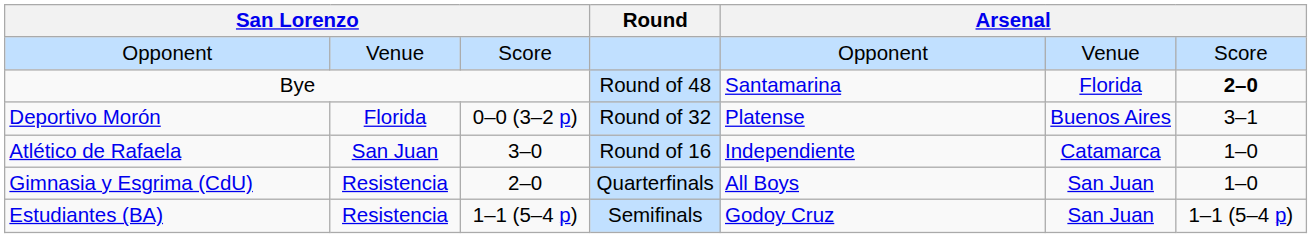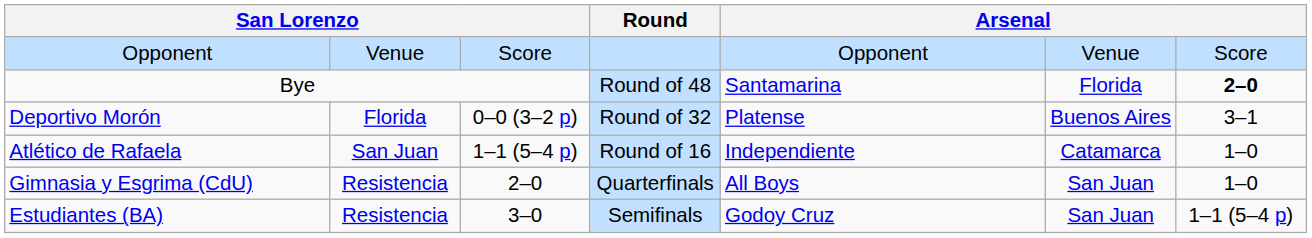 <table class="wikitable" style="text-align: center;">
 <tr>
 <th colspan=3><a href='#'>San Lorenzo</a></th>
 <th>Round</th>
 <th colspan=3><a href='#'>Arsenal</a></th>
 </tr>
 <tr bgcolor=#c1e0ff>
 <td width=25%>Opponent</td>
 <td width=10%>Venue</td>
 <td width=10%>Score</td>
 <td width=10%></td>
 <td width=25%>Opponent</td>
 <td width=10%>Venue</td>
 <td width=10%>Score</td>
 </tr>
 <tr>
 <td colspan=3>Bye</td>
 <td bgcolor=#c1e0ff>Round of 48</td>
 <td align=left><a href='#'>Santamarina</a></td>
 <td><a href='#'>Florida</a></td>
 <td><strong>2–0</strong></td>
 </tr>
 <tr>
 <td align=left><a href='#'>Deportivo Morón</a></td>
 <td><a href='#'>Florida</a></td>
 <td>0–0 (3–2 <a href='#'>p</a>)</td>
 <td bgcolor=#c1e0ff>Round of 32</td>
 <td align=left><a href='#'>Platense</a></td>
 <td><a href='#'>Buenos Aires</a></td>
 <td>3–1</td>
 </tr>
 <tr>
 <td align=left><a href='#'>Atlético de Rafaela</a></td>
 <td><a href='#'>San Juan</a></td>
-<td>3–0</td>
+<td>1–1 (5–4 <a href='#'>p</a>)</td>
 <td bgcolor=#c1e0ff>Round of 16</td>
 <td align=left><a href='#'>Independiente</a></td>
 <td><a href='#'>Catamarca</a></td>
 <td>1–0</td>
 </tr>
 <tr>
 <td align=left><a href='#'>Gimnasia y Esgrima (CdU)</a></td>
 <td><a href='#'>Resistencia</a></td>
 <td>2–0</td>
 <td bgcolor=#c1e0ff>Quarterfinals</td>
 <td align=left><a href='#'>All Boys</a></td>
 <td><a href='#'>San Juan</a></td>
 <td>1–0</td>
 </tr>
 <tr>
 <td align=left><a href='#'>Estudiantes (BA)</a></td>
 <td><a href='#'>Resistencia</a></td>
-<td>1–1 (5–4 <a href='#'>p</a>)</td>
+<td>3–0</td>
 <td bgcolor=#c1e0ff>Semifinals</td>
 <td align=left><a href='#'>Godoy Cruz</a></td>
 <td><a href='#'>San Juan</a></td>
 <td>1–1 (5–4 <a href='#'>p</a>)</td>
 </tr>
 </table>
